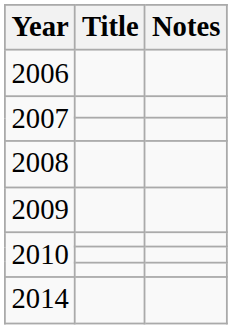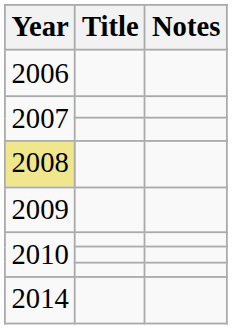 <table class="wikitable">
 <tr>
 <th>Year</th>
 <th>Title</th>
 <th>Notes</th>
 </tr>
 <tr>
 <td>2006</td>
 <td></td>
 <td></td>
 </tr>
 <tr>
 <td rowspan="2">2007</td>
 <td></td>
 <td></td>
 </tr>
 <tr>
 <td></td>
 <td></td>
 </tr>
 <tr>
-<td>2008</td>
+<td style="background: khaki;">2008</td>
 <td></td>
 <td></td>
 </tr>
 <tr>
 <td>2009</td>
 <td></td>
 <td></td>
 </tr>
 <tr>
 <td rowspan="3">2010</td>
 <td></td>
 <td></td>
 </tr>
 <tr>
 <td></td>
 <td></td>
 </tr>
 <tr>
 <td></td>
 <td></td>
 </tr>
 <tr>
 <td>2014</td>
 <td></td>
 <td></td>
 </tr>
 </table>
